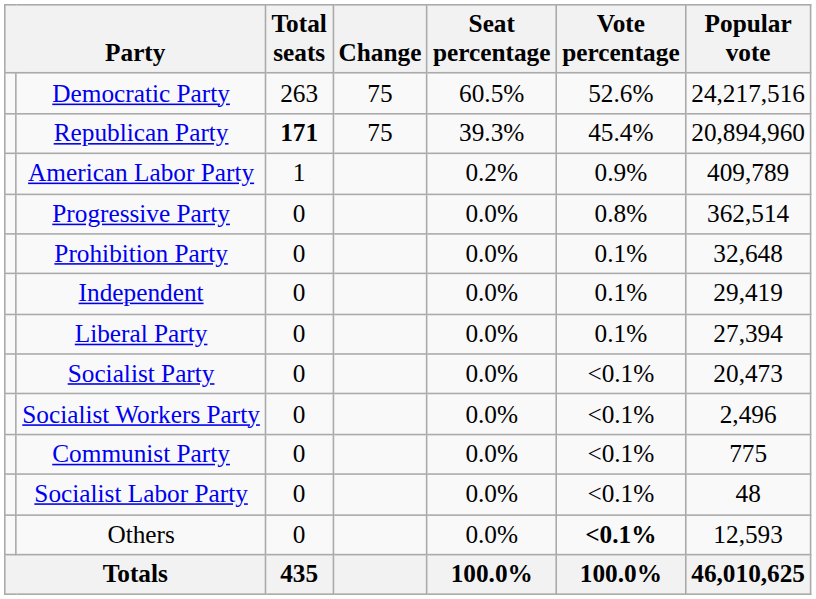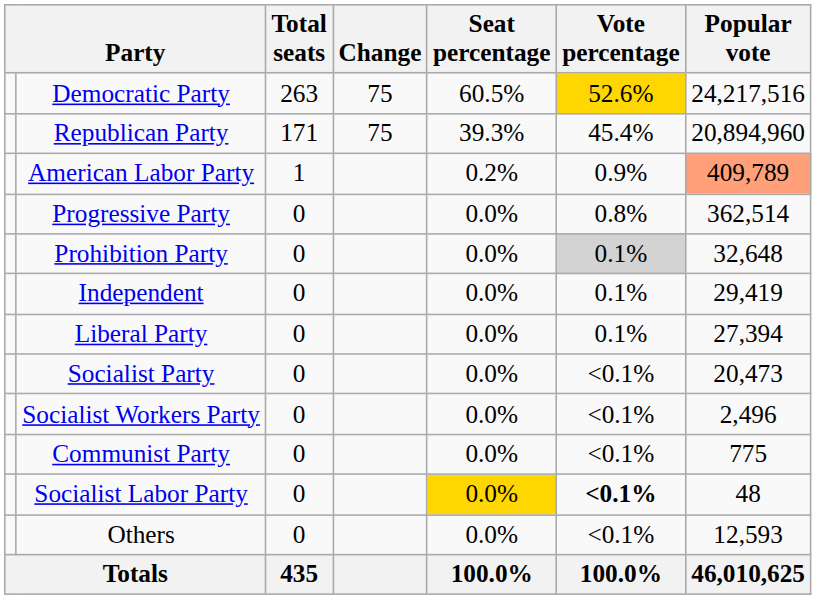 <table class=wikitable style="text-align:center">
 <tr valign=bottom>
 <th colspan=2>Party</th>
 <th>Total<br>seats</th>
 <th>Change</th>
 <th>Seat<br>percentage</th>
 <th>Vote<br>percentage</th>
 <th>Popular<br>vote</th>
 </tr>
 <tr>
 <td></td>
 <td><a href='#'>Democratic Party</a></td>
 <td>263</td>
 <td> 75</td>
 <td>60.5%</td>
-<td>52.6%</td>
+<td style="background: gold;">52.6%</td>
 <td>24,217,516</td>
 </tr>
 <tr>
 <td></td>
 <td><a href='#'>Republican Party</a></td>
-<td><strong>171</strong></td>
+<td>171</td>
 <td> 75</td>
 <td>39.3%</td>
 <td>45.4%</td>
 <td>20,894,960</td>
 </tr>
 <tr>
 <td></td>
 <td><a href='#'>American Labor Party</a></td>
 <td>1</td>
 <td></td>
 <td>0.2%</td>
 <td>0.9%</td>
-<td>409,789</td>
+<td style="background: lightsalmon;">409,789</td>
 </tr>
 <tr>
 <td></td>
 <td><a href='#'>Progressive Party</a></td>
 <td>0</td>
 <td></td>
 <td>0.0%</td>
 <td>0.8%</td>
 <td>362,514</td>
 </tr>
 <tr>
 <td></td>
 <td><a href='#'>Prohibition Party</a></td>
 <td>0</td>
 <td></td>
 <td>0.0%</td>
-<td>0.1%</td>
+<td style="background: lightgrey;">0.1%</td>
 <td>32,648</td>
 </tr>
 <tr>
 <td></td>
 <td><a href='#'>Independent</a></td>
 <td>0</td>
 <td></td>
 <td>0.0%</td>
 <td>0.1%</td>
 <td>29,419</td>
 </tr>
 <tr>
 <td></td>
 <td><a href='#'>Liberal Party</a></td>
 <td>0</td>
 <td></td>
 <td>0.0%</td>
 <td>0.1%</td>
 <td>27,394</td>
 </tr>
 <tr>
 <td></td>
 <td><a href='#'>Socialist Party</a></td>
 <td>0</td>
 <td></td>
 <td>0.0%</td>
 <td><0.1%</td>
 <td>20,473</td>
 </tr>
 <tr>
 <td></td>
 <td><a href='#'>Socialist Workers Party</a></td>
 <td>0</td>
 <td></td>
 <td>0.0%</td>
 <td><0.1%</td>
 <td>2,496</td>
 </tr>
 <tr>
 <td></td>
 <td><a href='#'>Communist Party</a></td>
 <td>0</td>
 <td></td>
 <td>0.0%</td>
 <td><0.1%</td>
 <td>775</td>
 </tr>
 <tr>
 <td></td>
 <td><a href='#'>Socialist Labor Party</a></td>
 <td>0</td>
 <td></td>
-<td>0.0%</td>
-<td><0.1%</td>
+<td style="background: gold;">0.0%</td>
+<td><strong><0.1%</strong></td>
 <td>48</td>
 </tr>
 <tr>
 <td></td>
 <td>Others</td>
 <td>0</td>
 <td></td>
 <td>0.0%</td>
-<td><strong><0.1%</strong></td>
+<td><0.1%</td>
 <td>12,593</td>
 </tr>
 <tr>
 <th colspan=2>Totals</th>
 <th>435</th>
 <th></th>
 <th>100.0%</th>
 <th>100.0%</th>
 <th>46,010,625</th>
 </tr>
 </table>
